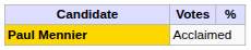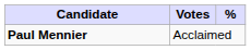 <table class="wikitable">
 <tr>
 <th style="background:#ddf; width:200px;">Candidate</th>
 <th style="background:#ddf; width:50px;">Votes</th>
 <th style="background:#ddf; width:30px;">%</th>
 </tr>
 <tr>
-<td style="background: gold;"><strong>Paul Mennier</strong></td>
+<td><strong>Paul Mennier</strong></td>
 <td colspan="2">Acclaimed</td>
 </tr>
 </table>
